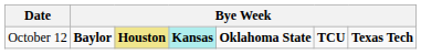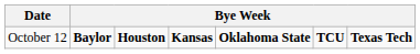 <table class="wikitable" style="font-size:95%;">
 <tr>
 <th>Date</th>
 <th colspan="6">Bye Week</th>
 </tr>
 <tr>
 <td>October 12</td>
 <td><strong>Baylor</strong></td>
-<td style="background: khaki;"><strong>Houston</strong></td>
-<td style="background: paleturquoise;"><strong>Kansas</strong></td>
+<td><strong>Houston</strong></td>
+<td><strong>Kansas</strong></td>
 <td><strong>Oklahoma State</strong></td>
 <td><strong>TCU</strong></td>
 <td><strong>Texas Tech</strong></td>
 </tr>
 </table>
